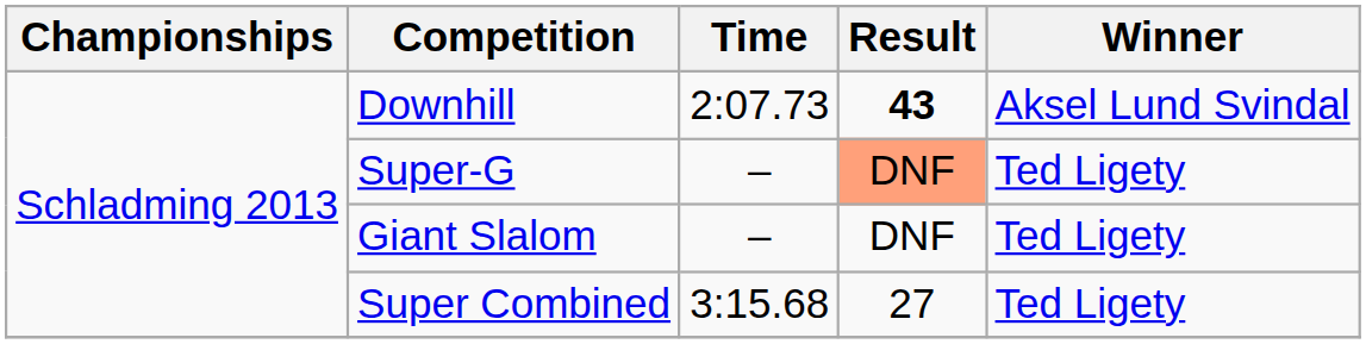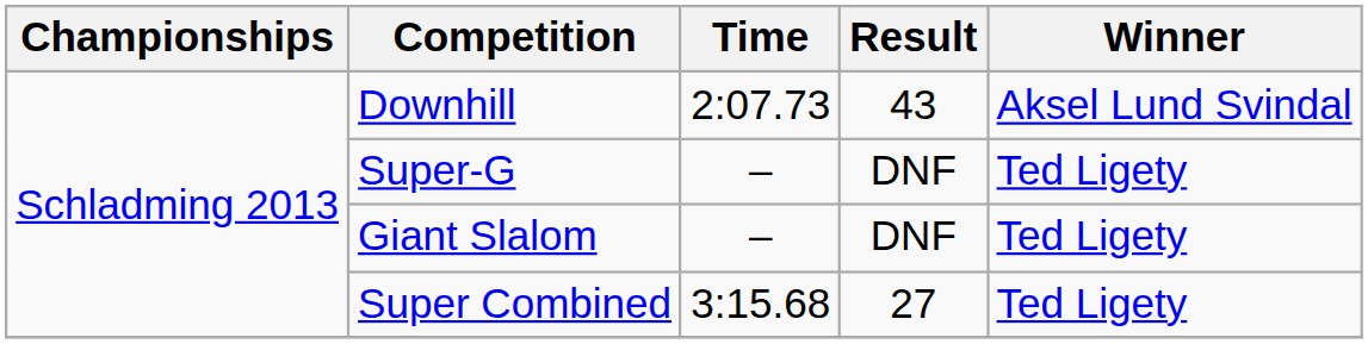 <table class="wikitable">
 <tr>
 <th>Championships</th>
 <th>Competition</th>
 <th>Time</th>
 <th>Result</th>
 <th>Winner</th>
 </tr>
 <tr>
 <td rowspan="4"> <a href='#'>Schladming 2013</a></td>
 <td><a href='#'>Downhill</a></td>
 <td>2:07.73</td>
-<td style="text-align:center;"><strong>43</strong></td>
+<td style="text-align:center;">43</td>
 <td> <a href='#'>Aksel Lund Svindal</a></td>
 </tr>
 <tr>
 <td><a href='#'>Super-G</a></td>
 <td style="text-align:center;">–</td>
-<td style="background: lightsalmon; text-align:center;">DNF</td>
+<td style="text-align:center;">DNF</td>
 <td>  <a href='#'>Ted Ligety</a></td>
 </tr>
 <tr>
 <td><a href='#'>Giant Slalom</a></td>
 <td style="text-align:center;">–</td>
 <td style="text-align:center;">DNF</td>
 <td>  <a href='#'>Ted Ligety</a></td>
 </tr>
 <tr>
 <td><a href='#'>Super Combined</a></td>
 <td>3:15.68</td>
 <td style="text-align:center;">27</td>
 <td>  <a href='#'>Ted Ligety</a></td>
 </tr>
 <tr>
 </tr>
 </table>
